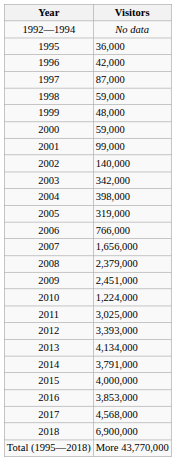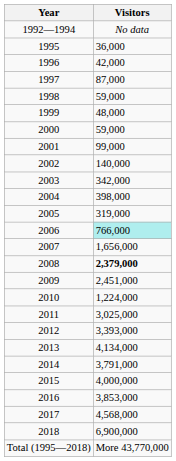 <table class="wikitable sortable">
 <tr>
 <th>Year</th>
 <th>Visitors</th>
 </tr>
 <tr>
 <td style="text-align:center;">1992—1994</td>
 <td style="text-align:center;"><em>No data</em></td>
 </tr>
 <tr>
 <td style="text-align:center;">1995</td>
 <td> 36,000</td>
 </tr>
 <tr>
 <td style="text-align:center;">1996</td>
 <td> 42,000</td>
 </tr>
 <tr>
 <td style="text-align:center;">1997</td>
 <td> 87,000</td>
 </tr>
 <tr>
 <td style="text-align:center;">1998</td>
 <td> 59,000</td>
 </tr>
 <tr>
 <td style="text-align:center;">1999</td>
 <td> 48,000</td>
 </tr>
 <tr>
 <td style="text-align:center;">2000</td>
 <td> 59,000</td>
 </tr>
 <tr>
 <td style="text-align:center;">2001</td>
 <td> 99,000</td>
 </tr>
 <tr>
 <td style="text-align:center;">2002</td>
 <td> 140,000</td>
 </tr>
 <tr>
 <td style="text-align:center;">2003</td>
 <td> 342,000</td>
 </tr>
 <tr>
 <td style="text-align:center;">2004</td>
 <td> 398,000</td>
 </tr>
 <tr>
 <td style="text-align:center;">2005</td>
 <td> 319,000</td>
 </tr>
 <tr>
 <td style="text-align:center;">2006</td>
-<td> 766,000</td>
+<td style="background: paleturquoise;"> 766,000</td>
 </tr>
 <tr>
 <td style="text-align:center;">2007</td>
 <td> 1,656,000</td>
 </tr>
 <tr>
 <td style="text-align:center;">2008</td>
-<td> 2,379,000</td>
+<td><strong> 2,379,000</strong></td>
 </tr>
 <tr>
 <td style="text-align:center;">2009</td>
 <td> 2,451,000</td>
 </tr>
 <tr>
 <td style="text-align:center;">2010</td>
 <td> 1,224,000</td>
 </tr>
 <tr>
 <td style="text-align:center;">2011</td>
 <td> 3,025,000</td>
 </tr>
 <tr>
 <td style="text-align:center;">2012</td>
 <td> 3,393,000</td>
 </tr>
 <tr>
 <td style="text-align:center;">2013</td>
 <td> 4,134,000</td>
 </tr>
 <tr>
 <td style="text-align:center;">2014</td>
 <td> 3,791,000</td>
 </tr>
 <tr>
 <td style="text-align:center;">2015</td>
 <td> 4,000,000</td>
 </tr>
 <tr>
 <td style="text-align:center;">2016</td>
 <td> 3,853,000</td>
 </tr>
 <tr>
 <td style="text-align:center;">2017</td>
 <td> 4,568,000</td>
 </tr>
 <tr>
 <td style="text-align:center;">2018</td>
 <td> 6,900,000</td>
 </tr>
 <tr>
 <td>Total (1995—2018)</td>
 <td>More 43,770,000</td>
 </tr>
 </table>
